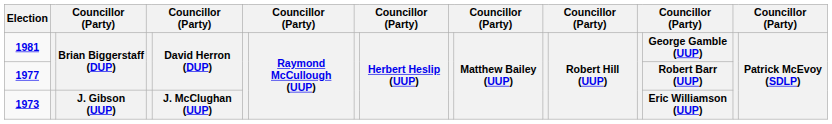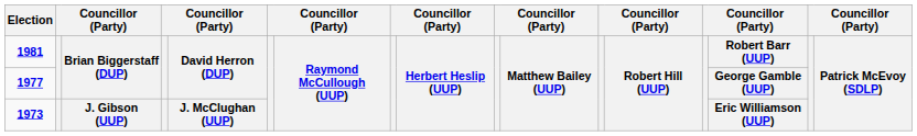 <table class="wikitable" style="text-align:center">
 <tr>
 <th scope="col" width="50">Election</th>
 <th scope="col" width="150" colspan = "2">Councillor<br> (Party)</th>
 <th scope="col" width="150" colspan = "2">Councillor<br> (Party)</th>
 <th scope="col" width="150" colspan = "2">Councillor<br> (Party)</th>
 <th scope="col" width="150" colspan = "2">Councillor<br> (Party)</th>
 <th scope="col" width="150" colspan = "2">Councillor<br> (Party)</th>
 <th scope="col" width="150" colspan = "2">Councillor<br> (Party)</th>
 <th scope="col" width="150" colspan = "2">Councillor<br> (Party)</th>
 <th scope="col" width="150" colspan = "2">Councillor<br> (Party)</th>
 </tr>
 <tr>
 <td><strong><a href='#'>1981</a></strong></td>
 <th rowspan="2" width="1" style="background-color: "></th>
 <th rowspan = "2">Brian Biggerstaff <br> (<a href='#'>DUP</a>)</th>
 <th rowspan="2" width="1" style="background-color: "></th>
 <th rowspan = "2">David Herron <br> (<a href='#'>DUP</a>)</th>
 <th rowspan="3" width="1" style="background-color: "></th>
 <th rowspan = "3"><a href='#'>Raymond McCullough</a> <br> (<a href='#'>UUP</a>)</th>
 <th rowspan="3" width="1" style="background-color: "></th>
 <th rowspan = "3"><a href='#'>Herbert Heslip</a> <br> (<a href='#'>UUP</a>)</th>
 <th rowspan="3" width="1" style="background-color: "></th>
 <th rowspan = "3">Matthew Bailey <br> (<a href='#'>UUP</a>)</th>
 <th rowspan="3" width="1" style="background-color: "></th>
 <th rowspan = "3">Robert Hill <br> (<a href='#'>UUP</a>)</th>
 <th rowspan="3" width="1" style="background-color: "></th>
-<th rowspan = "1">George Gamble <br> (<a href='#'>UUP</a>)</th>
+<th rowspan = "1">Robert Barr <br> (<a href='#'>UUP</a>)</th>
 <th rowspan="3" width="1" style="background-color: "></th>
 <th rowspan = "3">Patrick McEvoy <br> (<a href='#'>SDLP</a>)</th>
 </tr>
 <tr>
 <td><strong><a href='#'>1977</a></strong></td>
-<th rowspan = "1">Robert Barr <br> (<a href='#'>UUP</a>)</th>
+<th rowspan = "1">George Gamble <br> (<a href='#'>UUP</a>)</th>
 </tr>
 <tr>
 <td><strong><a href='#'>1973</a></strong></td>
 <th rowspan="1" width="1" style="background-color: "></th>
 <th rowspan = "1">J. Gibson <br> (<a href='#'>UUP</a>)</th>
 <th rowspan="1" width="1" style="background-color: "></th>
 <th rowspan = "1">J. McClughan <br> (<a href='#'>UUP</a>)</th>
 <th rowspan = "1">Eric Williamson <br> (<a href='#'>UUP</a>)</th>
 </tr>
 </table>
